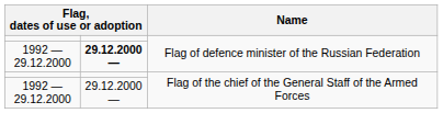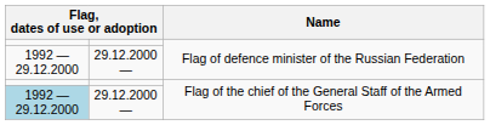 <table class="wikitable">
 <tr>
 <th colspan=2; width="200">Flag,<br>dates of use or adoption</th>
 <th width="400">Name</th>
 </tr>
 <tr style="text-align:center;">
 <td></td>
 <td></td>
 <td rowspan="2">Flag of defence minister of the Russian Federation</td>
 </tr>
 <tr style="text-align:center;">
 <td>1992 — 29.12.2000</td>
-<td><strong>29.12.2000 —</strong></td>
+<td>29.12.2000 —</td>
 </tr>
 <tr style="text-align:center;">
 <td></td>
 <td></td>
 <td rowspan="2">Flag of the chief of the General Staff of the Armed Forces</td>
 </tr>
 <tr style="text-align:center;">
-<td>1992 — 29.12.2000</td>
+<td style="background: lightblue;">1992 — 29.12.2000</td>
 <td>29.12.2000 —</td>
 </tr>
 </table>
